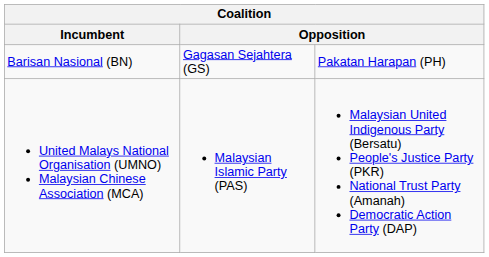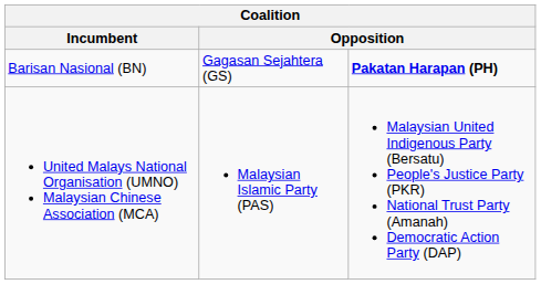 <table class="wikitable">
 <tr>
 <th colspan="3">Coalition</th>
 </tr>
 <tr>
 <th>Incumbent</th>
 <th colspan="2">Opposition</th>
 </tr>
 <tr>
 <td><a href='#'>Barisan Nasional</a> (BN)</td>
 <td><a href='#'>Gagasan Sejahtera</a> (GS)</td>
-<td> <a href='#'>Pakatan Harapan</a> (PH)</td>
+<td><strong> <a href='#'>Pakatan Harapan</a> (PH)</strong></td>
 </tr>
 <tr>
 <td><br><ul><li> <a href='#'>United Malays National Organisation</a> (UMNO)</li><li> <a href='#'>Malaysian Chinese Association</a> (MCA)</li></ul></td>
 <td><br><ul><li> <a href='#'>Malaysian Islamic Party</a> (PAS)</li></ul></td>
 <td><br><ul><li> <a href='#'>Malaysian United Indigenous Party</a> (Bersatu)</li><li> <a href='#'>People's Justice Party</a> (PKR)</li><li> <a href='#'>National Trust Party</a> (Amanah)</li><li> <a href='#'>Democratic Action Party</a> (DAP)</li></ul></td>
 </tr>
 </table>
